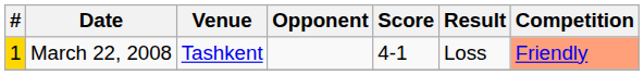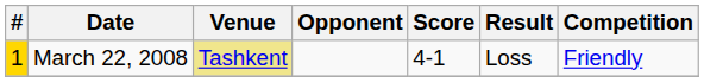 <table class="wikitable">
 <tr>
 <th>#</th>
 <th>Date</th>
 <th>Venue</th>
 <th>Opponent</th>
 <th>Score</th>
 <th>Result</th>
 <th>Competition</th>
 </tr>
 <tr>
 <td style="background: gold;">1</td>
 <td>March 22, 2008</td>
-<td><a href='#'>Tashkent</a></td>
+<td style="background: khaki;"><a href='#'>Tashkent</a></td>
 <td></td>
 <td>4-1</td>
 <td>Loss</td>
-<td style="background: lightsalmon;"><a href='#'>Friendly</a></td>
+<td><a href='#'>Friendly</a></td>
 </tr>
 <tr>
 </tr>
 </table>
